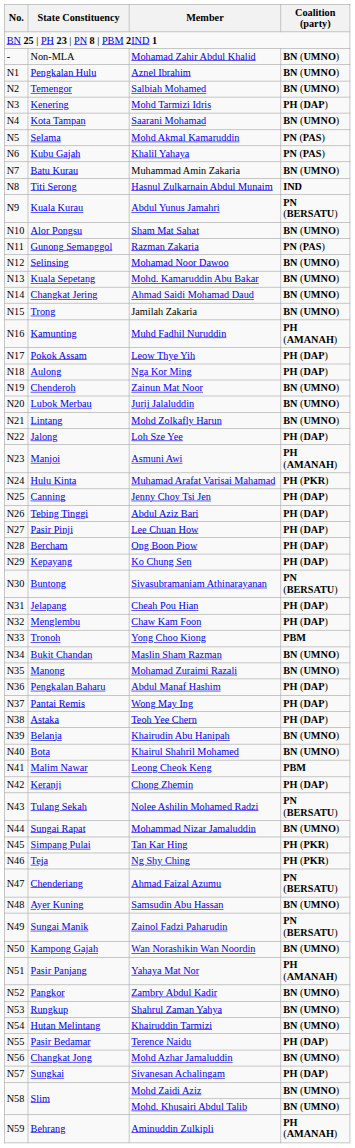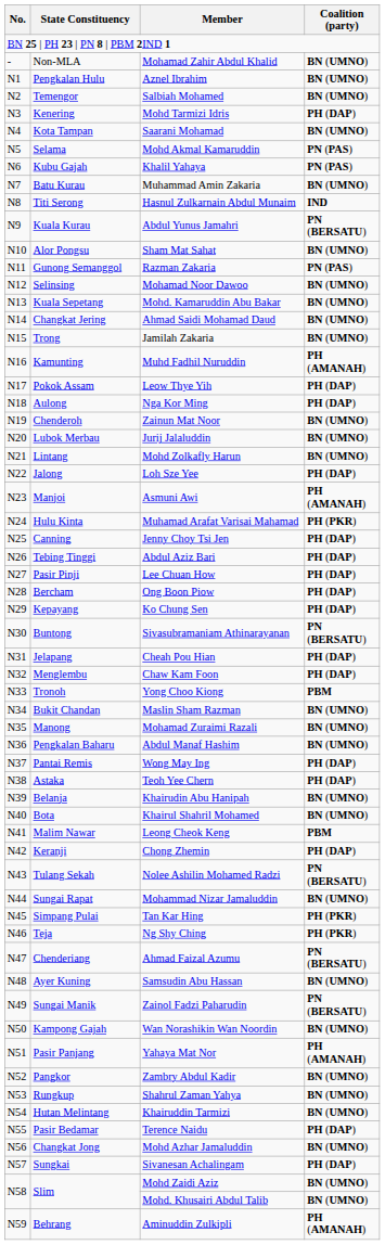 <table class="wikitable sortable">
 <tr>
 <th style="width:30px;">No.</th>
 <th style="width:150px;">State Constituency</th>
 <th style="width:230px;">Member</th>
 <th style="width:100px;">Coalition (party)</th>
 </tr>
 <tr>
 <td colspan="7"><a href='#'>BN</a> <strong>25</strong> | <a href='#'>PH</a> <strong>23</strong> | <a href='#'>PN</a> <strong>8</strong> | <a href='#'>PBM</a> <strong>2</strong><a href='#'>IND</a> <strong>1</strong></td>
 </tr>
 <tr>
 <td>-</td>
 <td>Non-MLA</td>
 <td><a href='#'>Mohamad Zahir Abdul Khalid</a></td>
 <td style="background:"><strong>BN</strong> (<strong>UMNO</strong>)</td>
 </tr>
 <tr>
 <td>N1</td>
 <td><a href='#'>Pengkalan Hulu</a></td>
 <td><a href='#'>Aznel Ibrahim</a></td>
 <td style="background:"><strong>BN</strong> (<strong>UMNO</strong>)</td>
 </tr>
 <tr>
 <td>N2</td>
 <td><a href='#'>Temengor</a></td>
 <td><a href='#'>Salbiah Mohamed</a></td>
 <td style="background:"><strong>BN</strong> (<strong>UMNO</strong>)</td>
 </tr>
 <tr>
 <td>N3</td>
 <td><a href='#'>Kenering</a></td>
 <td><a href='#'>Mohd Tarmizi Idris</a></td>
 <td style="background:"><strong>PH</strong> (<strong>DAP</strong>)</td>
 </tr>
 <tr>
 <td>N4</td>
 <td><a href='#'>Kota Tampan</a></td>
 <td><a href='#'>Saarani Mohamad</a></td>
 <td style="background:"><strong>BN</strong> (<strong>UMNO</strong>)</td>
 </tr>
 <tr>
 <td>N5</td>
 <td><a href='#'>Selama</a></td>
 <td><a href='#'>Mohd Akmal Kamaruddin</a></td>
 <td style="background:"><strong>PN</strong> (<strong>PAS</strong>)</td>
 </tr>
 <tr>
 <td>N6</td>
 <td><a href='#'>Kubu Gajah</a></td>
 <td><a href='#'>Khalil Yahaya</a></td>
 <td style="background:"><strong>PN</strong> (<strong>PAS</strong>)</td>
 </tr>
 <tr>
 <td>N7</td>
 <td><a href='#'>Batu Kurau</a></td>
 <td>Muhammad Amin Zakaria</td>
 <td style="background:"><strong>BN</strong> (<strong>UMNO</strong>)</td>
 </tr>
 <tr>
 <td>N8</td>
 <td><a href='#'>Titi Serong</a></td>
 <td><a href='#'>Hasnul Zulkarnain Abdul Munaim</a></td>
 <td style="background:"><strong>IND</strong></td>
 </tr>
 <tr>
 <td>N9</td>
 <td><a href='#'>Kuala Kurau</a></td>
 <td><a href='#'>Abdul Yunus Jamahri</a></td>
 <td style="background:"><strong>PN</strong> (<strong>BERSATU</strong>)</td>
 </tr>
 <tr>
 <td>N10</td>
 <td><a href='#'>Alor Pongsu</a></td>
 <td><a href='#'>Sham Mat Sahat</a></td>
 <td style="background:"><strong>BN</strong> (<strong>UMNO</strong>)</td>
 </tr>
 <tr>
 <td>N11</td>
 <td><a href='#'>Gunong Semanggol</a></td>
 <td><a href='#'>Razman Zakaria</a></td>
 <td style="background:"><strong>PN</strong> (<strong>PAS</strong>)</td>
 </tr>
 <tr>
 <td>N12</td>
 <td><a href='#'>Selinsing</a></td>
 <td><a href='#'>Mohamad Noor Dawoo</a></td>
 <td style="background:"><strong>BN</strong> (<strong>UMNO</strong>)</td>
 </tr>
 <tr>
 <td>N13</td>
 <td><a href='#'>Kuala Sepetang</a></td>
 <td><a href='#'>Mohd. Kamaruddin Abu Bakar</a></td>
 <td style="background:"><strong>BN</strong> (<strong>UMNO</strong>)</td>
 </tr>
 <tr>
 <td>N14</td>
 <td><a href='#'>Changkat Jering</a></td>
 <td><a href='#'>Ahmad Saidi Mohamad Daud</a></td>
 <td style="background:"><strong>BN</strong> (<strong>UMNO</strong>)</td>
 </tr>
 <tr>
 <td>N15</td>
 <td><a href='#'>Trong</a></td>
 <td>Jamilah Zakaria</td>
 <td style="background:"><strong>BN</strong> (<strong>UMNO</strong>)</td>
 </tr>
 <tr>
 <td>N16</td>
 <td><a href='#'>Kamunting</a></td>
 <td><a href='#'>Muhd Fadhil Nuruddin</a></td>
 <td style="background:"><strong>PH</strong> (<strong>AMANAH</strong>)</td>
 </tr>
 <tr>
 <td>N17</td>
 <td><a href='#'>Pokok Assam</a></td>
 <td><a href='#'>Leow Thye Yih</a></td>
 <td style="background:"><strong>PH</strong> (<strong>DAP</strong>)</td>
 </tr>
 <tr>
 <td>N18</td>
 <td><a href='#'>Aulong</a></td>
 <td><a href='#'>Nga Kor Ming</a></td>
 <td style="background:"><strong>PH</strong> (<strong>DAP</strong>)</td>
 </tr>
 <tr>
 <td>N19</td>
 <td><a href='#'>Chenderoh</a></td>
 <td><a href='#'>Zainun Mat Noor</a></td>
 <td style="background:"><strong>BN</strong> (<strong>UMNO</strong>)</td>
 </tr>
 <tr>
 <td>N20</td>
 <td><a href='#'>Lubok Merbau</a></td>
 <td><a href='#'>Jurij Jalaluddin</a></td>
 <td style="background:"><strong>BN</strong> (<strong>UMNO</strong>)</td>
 </tr>
 <tr>
 <td>N21</td>
 <td><a href='#'>Lintang</a></td>
 <td><a href='#'>Mohd Zolkafly Harun</a></td>
 <td style="background:"><strong>BN</strong> (<strong>UMNO</strong>)</td>
 </tr>
 <tr>
 <td>N22</td>
 <td><a href='#'>Jalong</a></td>
 <td><a href='#'>Loh Sze Yee</a></td>
 <td style="background:"><strong>PH</strong> (<strong>DAP</strong>)</td>
 </tr>
 <tr>
 <td>N23</td>
 <td><a href='#'>Manjoi</a></td>
 <td><a href='#'>Asmuni Awi</a></td>
 <td style="background:"><strong>PH</strong> (<strong>AMANAH</strong>)</td>
 </tr>
 <tr>
 <td>N24</td>
 <td><a href='#'>Hulu Kinta</a></td>
 <td><a href='#'>Muhamad Arafat Varisai Mahamad</a></td>
 <td style="background:"><strong>PH</strong> (<strong>PKR</strong>)</td>
 </tr>
 <tr>
 <td>N25</td>
 <td><a href='#'>Canning</a></td>
 <td><a href='#'>Jenny Choy Tsi Jen</a></td>
 <td style="background:"><strong>PH</strong> (<strong>DAP</strong>)</td>
 </tr>
 <tr>
 <td>N26</td>
 <td><a href='#'>Tebing Tinggi</a></td>
 <td><a href='#'>Abdul Aziz Bari</a></td>
 <td style="background:"><strong>PH</strong> (<strong>DAP</strong>)</td>
 </tr>
 <tr>
 <td>N27</td>
 <td><a href='#'>Pasir Pinji</a></td>
 <td><a href='#'>Lee Chuan How</a></td>
 <td style="background:"><strong>PH</strong> (<strong>DAP</strong>)</td>
 </tr>
 <tr>
 <td>N28</td>
 <td><a href='#'>Bercham</a></td>
 <td><a href='#'>Ong Boon Piow</a></td>
 <td style="background:"><strong>PH</strong> (<strong>DAP</strong>)</td>
 </tr>
 <tr>
 <td>N29</td>
 <td><a href='#'>Kepayang</a></td>
 <td><a href='#'>Ko Chung Sen</a></td>
 <td style="background:"><strong>PH</strong> (<strong>DAP</strong>)</td>
 </tr>
 <tr>
 <td>N30</td>
 <td><a href='#'>Buntong</a></td>
 <td><a href='#'>Sivasubramaniam Athinarayanan</a></td>
 <td style="background:"><strong>PN</strong> (<strong>BERSATU</strong>)</td>
 </tr>
 <tr>
 <td>N31</td>
 <td><a href='#'>Jelapang</a></td>
 <td><a href='#'>Cheah Pou Hian</a></td>
 <td style="background:"><strong>PH</strong> (<strong>DAP</strong>)</td>
 </tr>
 <tr>
 <td>N32</td>
 <td><a href='#'>Menglembu</a></td>
 <td><a href='#'>Chaw Kam Foon</a></td>
 <td style="background:"><strong>PH</strong> (<strong>DAP</strong>)</td>
 </tr>
 <tr>
 <td>N33</td>
 <td><a href='#'>Tronoh</a></td>
 <td><a href='#'>Yong Choo Kiong</a></td>
 <td style="background:"><strong>PBM</strong></td>
 </tr>
 <tr>
 <td>N34</td>
 <td><a href='#'>Bukit Chandan</a></td>
 <td><a href='#'>Maslin Sham Razman</a></td>
 <td style="background:"><strong>BN</strong> (<strong>UMNO</strong>)</td>
 </tr>
 <tr>
 <td>N35</td>
 <td><a href='#'>Manong</a></td>
 <td><a href='#'>Mohamad Zuraimi Razali</a></td>
 <td style="background:"><strong>BN</strong> (<strong>UMNO</strong>)</td>
 </tr>
 <tr>
 <td>N36</td>
 <td><a href='#'>Pengkalan Baharu</a></td>
 <td><a href='#'>Abdul Manaf Hashim</a></td>
-<td style="background:"><strong>PH</strong> (<strong>DAP</strong>)</td>
+<td style="background:"><strong>BN</strong> (<strong>UMNO</strong>)</td>
 </tr>
 <tr>
 <td>N37</td>
 <td><a href='#'>Pantai Remis</a></td>
 <td><a href='#'>Wong May Ing</a></td>
 <td style="background:"><strong>PH</strong> (<strong>DAP</strong>)</td>
 </tr>
 <tr>
 <td>N38</td>
 <td><a href='#'>Astaka</a></td>
 <td><a href='#'>Teoh Yee Chern</a></td>
 <td style="background:"><strong>PH</strong> (<strong>DAP</strong>)</td>
 </tr>
 <tr>
 <td>N39</td>
 <td><a href='#'>Belanja</a></td>
 <td><a href='#'>Khairudin Abu Hanipah</a></td>
 <td style="background:"><strong>BN</strong> (<strong>UMNO</strong>)</td>
 </tr>
 <tr>
 <td>N40</td>
 <td><a href='#'>Bota</a></td>
 <td><a href='#'>Khairul Shahril Mohamed</a></td>
 <td style="background:"><strong>BN</strong> (<strong>UMNO</strong>)</td>
 </tr>
 <tr>
 <td>N41</td>
 <td><a href='#'>Malim Nawar</a></td>
 <td><a href='#'>Leong Cheok Keng</a></td>
 <td style="background:"><strong>PBM</strong></td>
 </tr>
 <tr>
 <td>N42</td>
 <td><a href='#'>Keranji</a></td>
 <td><a href='#'>Chong Zhemin</a></td>
 <td style="background:"><strong>PH</strong> (<strong>DAP</strong>)</td>
 </tr>
 <tr>
 <td>N43</td>
 <td><a href='#'>Tulang Sekah</a></td>
 <td><a href='#'>Nolee Ashilin Mohamed Radzi</a></td>
 <td style="background:"><strong>PN</strong> (<strong>BERSATU</strong>)</td>
 </tr>
 <tr>
 <td>N44</td>
 <td><a href='#'>Sungai Rapat</a></td>
 <td><a href='#'>Mohammad Nizar Jamaluddin</a></td>
 <td style="background:"><strong>BN</strong> (<strong>UMNO</strong>)</td>
 </tr>
 <tr>
 <td>N45</td>
 <td><a href='#'>Simpang Pulai</a></td>
 <td><a href='#'>Tan Kar Hing</a></td>
 <td style="background:"><strong>PH</strong> (<strong>PKR</strong>)</td>
 </tr>
 <tr>
 <td>N46</td>
 <td><a href='#'>Teja</a></td>
 <td><a href='#'>Ng Shy Ching</a></td>
 <td style="background:"><strong>PH</strong> (<strong>PKR</strong>)</td>
 </tr>
 <tr>
 <td>N47</td>
 <td><a href='#'>Chenderiang</a></td>
 <td><a href='#'>Ahmad Faizal Azumu</a></td>
 <td style="background:"><strong>PN</strong> (<strong>BERSATU</strong>)</td>
 </tr>
 <tr>
 <td>N48</td>
 <td><a href='#'>Ayer Kuning</a></td>
 <td><a href='#'>Samsudin Abu Hassan</a></td>
 <td style="background:"><strong>BN</strong> (<strong>UMNO</strong>)</td>
 </tr>
 <tr>
 <td>N49</td>
 <td><a href='#'>Sungai Manik</a></td>
 <td><a href='#'>Zainol Fadzi Paharudin</a></td>
 <td style="background:"><strong>PN</strong> (<strong>BERSATU</strong>)</td>
 </tr>
 <tr>
 <td>N50</td>
 <td><a href='#'>Kampong Gajah</a></td>
 <td><a href='#'>Wan Norashikin Wan Noordin</a></td>
 <td style="background:"><strong>BN</strong> (<strong>UMNO</strong>)</td>
 </tr>
 <tr>
 <td>N51</td>
 <td><a href='#'>Pasir Panjang</a></td>
 <td><a href='#'>Yahaya Mat Nor</a></td>
 <td style="background:"><strong>PH</strong> (<strong>AMANAH</strong>)</td>
 </tr>
 <tr>
 <td>N52</td>
 <td><a href='#'>Pangkor</a></td>
 <td><a href='#'>Zambry Abdul Kadir</a></td>
 <td style="background:"><strong>BN</strong> (<strong>UMNO</strong>)</td>
 </tr>
 <tr>
 <td>N53</td>
 <td><a href='#'>Rungkup</a></td>
 <td><a href='#'>Shahrul Zaman Yahya</a></td>
 <td style="background:"><strong>BN</strong> (<strong>UMNO</strong>)</td>
 </tr>
 <tr>
 <td>N54</td>
 <td><a href='#'>Hutan Melintang</a></td>
 <td><a href='#'>Khairuddin Tarmizi</a></td>
 <td style="background:"><strong>BN</strong> (<strong>UMNO</strong>)</td>
 </tr>
 <tr>
 <td>N55</td>
 <td><a href='#'>Pasir Bedamar</a></td>
 <td><a href='#'>Terence Naidu</a></td>
 <td style="background:"><strong>PH</strong> (<strong>DAP</strong>)</td>
 </tr>
 <tr>
 <td>N56</td>
 <td><a href='#'>Changkat Jong</a></td>
 <td><a href='#'>Mohd Azhar Jamaluddin</a></td>
 <td style="background:"><strong>BN</strong> (<strong>UMNO</strong>)</td>
 </tr>
 <tr>
 <td>N57</td>
 <td><a href='#'>Sungkai</a></td>
 <td><a href='#'>Sivanesan Achalingam</a></td>
 <td style="background:"><strong>PH</strong> (<strong>DAP</strong>)</td>
 </tr>
 <tr>
 <td rowspan="2">N58</td>
 <td rowspan="2"><a href='#'>Slim</a></td>
 <td><a href='#'>Mohd Zaidi Aziz</a> </td>
 <td style="background:"><strong>BN</strong> (<strong>UMNO</strong>)</td>
 </tr>
 <tr>
 <td><a href='#'>Mohd. Khusairi Abdul Talib</a> </td>
 <td style="background:"><strong>BN</strong> (<strong>UMNO</strong>)</td>
 </tr>
 <tr>
 <td>N59</td>
 <td><a href='#'>Behrang</a></td>
 <td><a href='#'>Aminuddin Zulkipli</a></td>
 <td style="background:"><strong>PH</strong> (<strong>AMANAH</strong>)</td>
 </tr>
 </table>
